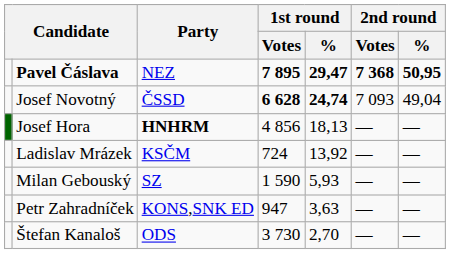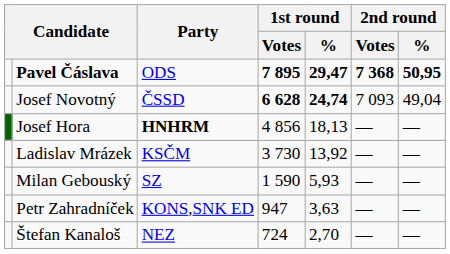 <table class="wikitable sortable">
 <tr>
 <th colspan="2" rowspan="2">Candidate</th>
 <th rowspan="2">Party</th>
 <th colspan="2">1st round</th>
 <th colspan="2">2nd round</th>
 </tr>
 <tr>
 <th>Votes</th>
 <th>%</th>
 <th>Votes</th>
 <th>%</th>
 </tr>
 <tr>
 <td style="background-color:"></td>
 <td><strong>Pavel Čáslava</strong></td>
-<td><a href='#'>NEZ</a></td>
+<td><a href='#'>ODS</a></td>
 <td><strong>7 895</strong></td>
 <td><strong>29,47</strong></td>
 <td><strong>7 368</strong></td>
 <td><strong>50,95</strong></td>
 </tr>
 <tr>
 <td style="background-color:"></td>
 <td>Josef Novotný</td>
 <td><a href='#'>ČSSD</a></td>
 <td><strong>6 628</strong></td>
 <td><strong>24,74</strong></td>
 <td>7 093</td>
 <td>49,04</td>
 </tr>
 <tr>
 <td style="background-color:darkgreen"></td>
 <td>Josef Hora</td>
 <td><strong>HNHRM</strong></td>
 <td>4 856</td>
 <td>18,13</td>
 <td>—</td>
 <td>—</td>
 </tr>
 <tr>
 <td style="background-color:"></td>
 <td>Ladislav Mrázek</td>
 <td><a href='#'>KSČM</a></td>
-<td>724</td>
+<td>3 730</td>
 <td>13,92</td>
 <td>—</td>
 <td>—</td>
 </tr>
 <tr>
 <td style="background-color:"></td>
 <td>Milan Gebouský</td>
 <td><a href='#'>SZ</a></td>
 <td>1 590</td>
 <td>5,93</td>
 <td>—</td>
 <td>—</td>
 </tr>
 <tr>
 <td style="background-color:"></td>
 <td>Petr Zahradníček</td>
 <td><a href='#'>KONS</a>,<a href='#'>SNK ED</a></td>
 <td>947</td>
 <td>3,63</td>
 <td>—</td>
 <td>—</td>
 </tr>
 <tr>
 <td style="background-color:"></td>
 <td>Štefan Kanaloš</td>
-<td><a href='#'>ODS</a></td>
-<td>3 730</td>
+<td><a href='#'>NEZ</a></td>
+<td>724</td>
 <td>2,70</td>
 <td>—</td>
 <td>—</td>
 </tr>
 </table>
